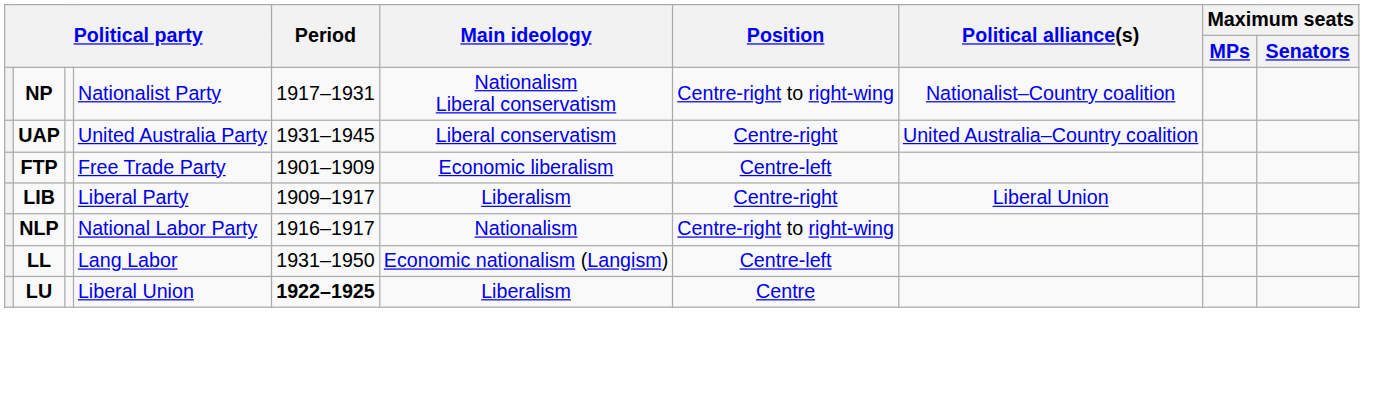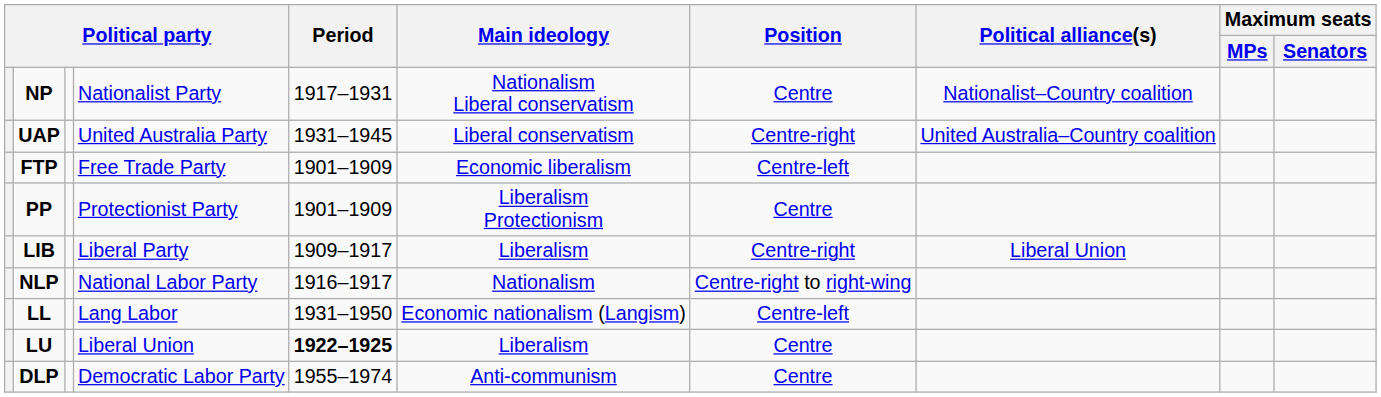 <table class="wikitable" style="text-align:center">
 <tr>
 <th colspan="4" rowspan="2"><a href='#'>Political party</a></th>
 <th rowspan="2">Period</th>
 <th rowspan="2"><a href='#'>Main ideology</a></th>
 <th rowspan="2"><a href='#'>Position</a></th>
 <th rowspan="2"><a href='#'>Political alliance</a>(s)</th>
 <th colspan="2">Maximum seats</th>
 </tr>
 <tr>
 <th><a href='#'>MPs</a></th>
 <th><a href='#'>Senators</a></th>
 </tr>
 <tr>
 <th style="background:"></th>
 <td><strong>NP</strong></td>
 <td></td>
 <td style="text-align:left;"><a href='#'>Nationalist Party</a></td>
 <td>1917–1931</td>
 <td><a href='#'>Nationalism</a><br><a href='#'>Liberal conservatism</a></td>
-<td><a href='#'>Centre-right</a> to <a href='#'>right-wing</a></td>
+<td><a href='#'>Centre</a></td>
 <td><a href='#'>Nationalist–Country coalition</a></td>
 <td></td>
 <td></td>
 </tr>
 <tr>
 <th style="background:"></th>
 <td><strong>UAP</strong></td>
 <td></td>
 <td style="text-align:left;"><a href='#'>United Australia Party</a></td>
 <td>1931–1945</td>
 <td><a href='#'>Liberal conservatism</a></td>
 <td><a href='#'>Centre-right</a></td>
 <td><a href='#'>United Australia–Country coalition</a></td>
 <td></td>
 <td></td>
 </tr>
 <tr>
 <th style="background:"></th>
 <td><strong>FTP</strong></td>
 <td></td>
 <td style="text-align:left;"><a href='#'>Free Trade Party</a></td>
 <td>1901–1909</td>
 <td><a href='#'>Economic liberalism</a></td>
 <td><a href='#'>Centre-left</a></td>
+<td></td>
+<td></td>
+<td></td>
+</tr>
+<tr>
+<th style="background:"></th>
+<td><strong>PP</strong></td>
+<td></td>
+<td style="text-align:left;"><a href='#'>Protectionist Party</a></td>
+<td>1901–1909</td>
+<td><a href='#'>Liberalism</a><br><a href='#'>Protectionism</a></td>
+<td><a href='#'>Centre</a></td>
 <td></td>
 <td></td>
 <td></td>
 </tr>
 <tr>
 <th style="background:"></th>
 <td><strong>LIB</strong></td>
 <td></td>
 <td style="text-align:left;"><a href='#'>Liberal Party</a></td>
 <td>1909–1917</td>
 <td><a href='#'>Liberalism</a></td>
 <td><a href='#'>Centre-right</a></td>
 <td><a href='#'>Liberal Union</a></td>
 <td></td>
 <td></td>
 </tr>
 <tr>
 <th style="background:"></th>
 <td><strong>NLP</strong></td>
 <td></td>
 <td style="text-align:left;"><a href='#'>National Labor Party</a></td>
 <td>1916–1917</td>
 <td><a href='#'>Nationalism</a></td>
 <td><a href='#'>Centre-right</a> to <a href='#'>right-wing</a></td>
 <td></td>
 <td></td>
 <td></td>
 </tr>
 <tr>
 <th style="background:"></th>
 <td><strong>LL</strong></td>
 <td></td>
 <td style="text-align:left;"><a href='#'>Lang Labor</a></td>
 <td>1931–1950</td>
 <td><a href='#'>Economic nationalism</a> (<a href='#'>Langism</a>)</td>
 <td><a href='#'>Centre-left</a></td>
 <td></td>
 <td></td>
 <td></td>
 </tr>
 <tr>
 <th style="background:"></th>
 <td><strong>LU</strong></td>
 <td></td>
 <td style="text-align:left;"><a href='#'>Liberal Union</a></td>
 <td><strong>1922–1925</strong></td>
 <td><a href='#'>Liberalism</a></td>
 <td><a href='#'>Centre</a></td>
 <td></td>
 <td></td>
 <td></td>
 </tr>
+<tr>
+<th style="background:"></th>
+<td><strong>DLP</strong></td>
+<td></td>
+<td style="text-align:left;"><a href='#'>Democratic Labor Party</a></td>
+<td>1955–1974</td>
+<td><a href='#'>Anti-communism</a></td>
+<td><a href='#'>Centre</a></td>
+<td></td>
+<td></td>
+<td></td>
+</tr>
 </table>
